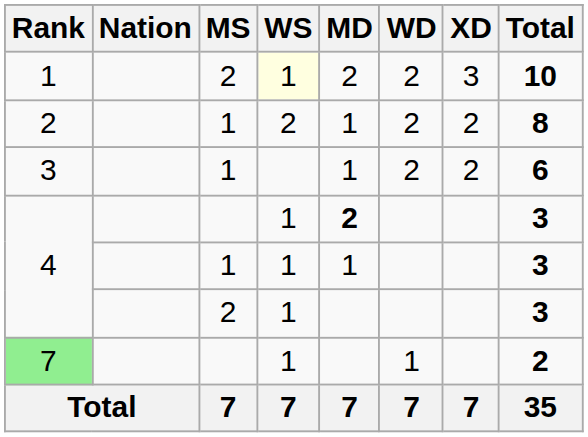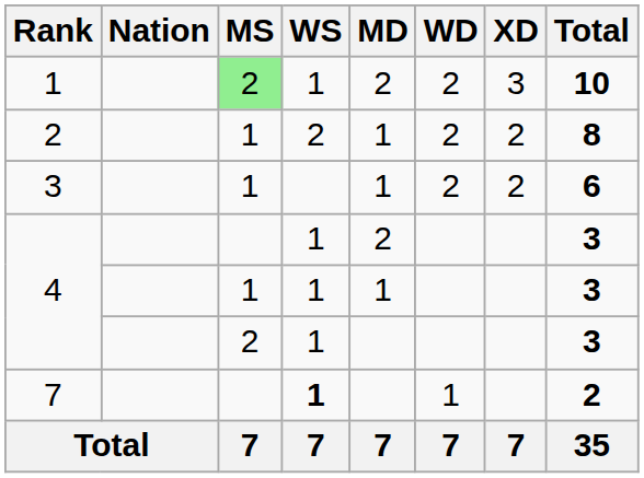 <table class="wikitable" style="text-align:center">
 <tr>
 <th width="20">Rank</th>
 <th>Nation</th>
 <th width="20">MS</th>
 <th width="20">WS</th>
 <th width="20">MD</th>
 <th width="20">WD</th>
 <th width="20">XD</th>
 <th>Total</th>
 </tr>
 <tr>
 <td>1</td>
 <td align=left></td>
-<td>2</td>
-<td style="background: lightyellow;">1</td>
+<td style="background: lightgreen;">2</td>
+<td>1</td>
 <td>2</td>
 <td>2</td>
 <td>3</td>
 <td><strong>10</strong></td>
 </tr>
 <tr>
 <td>2</td>
 <td align=left><strong></strong></td>
 <td>1</td>
 <td>2</td>
 <td>1</td>
 <td>2</td>
 <td>2</td>
 <td><strong>8</strong></td>
 </tr>
 <tr>
 <td>3</td>
 <td align=left></td>
 <td>1</td>
 <td></td>
 <td>1</td>
 <td>2</td>
 <td>2</td>
 <td><strong>6</strong></td>
 </tr>
 <tr>
 <td rowspan="3">4</td>
 <td align=left></td>
 <td></td>
 <td>1</td>
-<td><strong>2</strong></td>
+<td>2</td>
 <td></td>
 <td></td>
 <td><strong>3</strong></td>
 </tr>
 <tr>
 <td align=left></td>
 <td>1</td>
 <td>1</td>
 <td>1</td>
 <td></td>
 <td></td>
 <td><strong>3</strong></td>
 </tr>
 <tr>
 <td align=left></td>
 <td>2</td>
 <td>1</td>
 <td></td>
 <td></td>
 <td></td>
 <td><strong>3</strong></td>
 </tr>
 <tr>
-<td style="background: lightgreen;">7</td>
+<td>7</td>
 <td align=left></td>
 <td></td>
-<td>1</td>
+<td><strong>1</strong></td>
 <td></td>
 <td>1</td>
 <td></td>
 <td><strong>2</strong></td>
 </tr>
 <tr>
 <th colspan=2>Total</th>
 <th>7</th>
 <th>7</th>
 <th>7</th>
 <th>7</th>
 <th>7</th>
 <th>35</th>
 </tr>
 </table>
